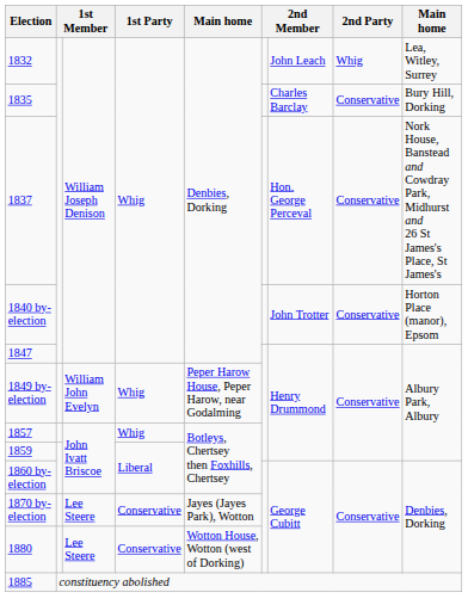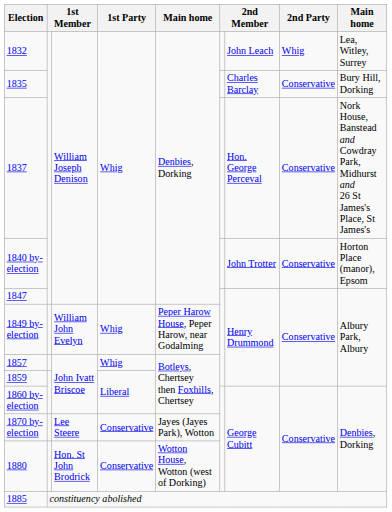 <table class="wikitable">
 <tr>
 <th>Election</th>
 <th colspan="2">1st Member</th>
 <th>1st Party</th>
 <th>Main home</th>
 <th colspan="2">2nd Member</th>
 <th>2nd Party</th>
 <th>Main home</th>
 </tr>
 <tr>
 <td><a href='#'>1832</a></td>
 <td rowspan="5" style="color:inherit;background-color: "></td>
 <td rowspan="5"><a href='#'>William Joseph Denison</a></td>
 <td rowspan="5"><a href='#'>Whig</a></td>
 <td rowspan="5"><a href='#'>Denbies</a>, Dorking</td>
 <td style="color:inherit;background-color: "></td>
 <td><a href='#'>John Leach</a></td>
 <td><a href='#'>Whig</a></td>
 <td>Lea, Witley, Surrey</td>
 </tr>
 <tr>
 <td><a href='#'>1835</a></td>
 <td style="color:inherit;background-color: "></td>
 <td><a href='#'>Charles Barclay</a></td>
 <td><a href='#'>Conservative</a></td>
 <td>Bury Hill, Dorking</td>
 </tr>
 <tr>
 <td><a href='#'>1837</a></td>
 <td style="color:inherit;background-color: "></td>
 <td><a href='#'>Hon. George Perceval</a></td>
 <td><a href='#'>Conservative</a></td>
 <td>Nork House, Banstead <em>and</em><br>Cowdray Park, Midhurst <em>and</em><br>26 St James's Place, St James's</td>
 </tr>
 <tr>
 <td><a href='#'>1840 by-election</a></td>
 <td style="color:inherit;background-color: "></td>
 <td><a href='#'>John Trotter</a></td>
 <td><a href='#'>Conservative</a></td>
 <td>Horton Place (manor), Epsom</td>
 </tr>
 <tr>
 <td><a href='#'>1847</a></td>
 <td rowspan="4" style="color:inherit;background-color: "></td>
 <td rowspan="4"><a href='#'>Henry Drummond</a></td>
 <td rowspan="4"><a href='#'>Conservative</a></td>
 <td rowspan="4">Albury Park, Albury</td>
 </tr>
 <tr>
 <td><a href='#'>1849 by-election</a></td>
 <td style="color:inherit;background-color: "></td>
 <td><a href='#'>William John Evelyn</a></td>
 <td><a href='#'>Whig</a></td>
 <td><a href='#'>Peper Harow House</a>, Peper Harow, near Godalming</td>
 </tr>
 <tr>
 <td><a href='#'>1857</a></td>
 <td style="color:inherit;background-color: "></td>
 <td rowspan="3"><a href='#'>John Ivatt Briscoe</a></td>
 <td><a href='#'>Whig</a></td>
 <td rowspan="3"><a href='#'>Botleys</a>, Chertsey<br>then <a href='#'>Foxhills</a>, Chertsey</td>
 </tr>
 <tr>
 <td><a href='#'>1859</a></td>
 <td rowspan="2" style="color:inherit;background-color: "></td>
 <td rowspan="2"><a href='#'>Liberal</a></td>
 </tr>
 <tr>
 <td><a href='#'>1860 by-election</a></td>
 <td rowspan="3" style="color:inherit;background-color: "></td>
 <td rowspan="3"><a href='#'>George Cubitt</a></td>
 <td rowspan="3"><a href='#'>Conservative</a></td>
 <td rowspan="3"><a href='#'>Denbies</a>, Dorking</td>
 </tr>
 <tr>
 <td><a href='#'>1870 by-election</a></td>
 <td style="color:inherit;background-color: "></td>
 <td><a href='#'>Lee Steere</a></td>
 <td><a href='#'>Conservative</a></td>
 <td>Jayes (Jayes Park), Wotton</td>
 </tr>
 <tr>
 <td><a href='#'>1880</a></td>
 <td style="color:inherit;background-color: "></td>
-<td><a href='#'>Lee Steere</a></td>
+<td><a href='#'>Hon. St John Brodrick</a></td>
 <td><a href='#'>Conservative</a></td>
 <td><a href='#'>Wotton House</a>, Wotton (west of Dorking)</td>
 </tr>
 <tr>
 <td><a href='#'>1885</a></td>
 <td colspan="8"><em>constituency abolished</em></td>
 </tr>
 </table>
